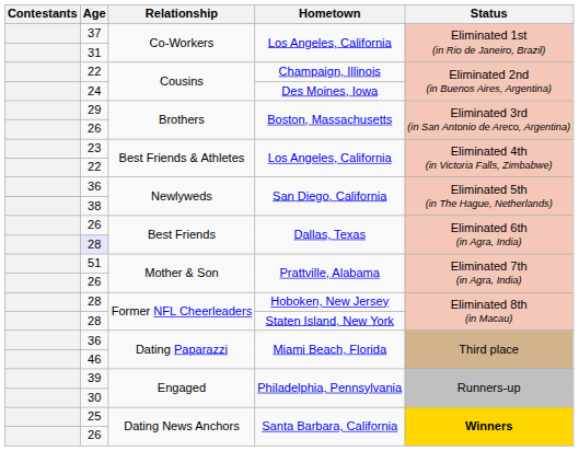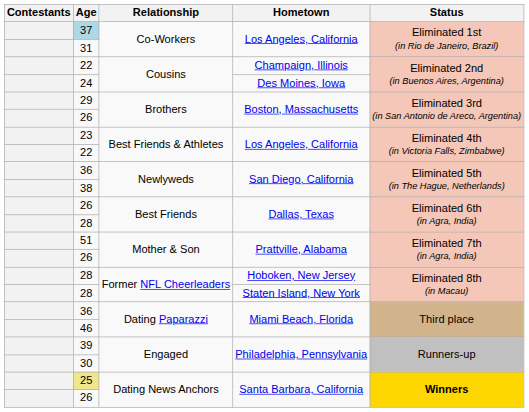 <table class="wikitable sortable" style="text-align:center;">
 <tr>
 <th scope="col">Contestants</th>
 <th scope="col">Age</th>
 <th class="unsortable" scope="col">Relationship</th>
 <th scope="col" class="unsortable">Hometown</th>
 <th scope="col">Status</th>
 </tr>
 <tr>
 <th scope="row"></th>
-<td>37</td>
+<td style="background: lightblue;">37</td>
 <td rowspan="2">Co-Workers<br><em></em></td>
 <td rowspan="2"><a href='#'>Los Angeles, California</a></td>
 <td rowspan="2" bgcolor="f4c7b8">Eliminated 1st<br><small><em>(in Rio de Janeiro, Brazil)</em></small></td>
 </tr>
 <tr>
 <th scope="row"></th>
 <td>31</td>
 </tr>
 <tr>
 <th scope="row"></th>
 <td>22</td>
 <td rowspan="2">Cousins<br><em></em></td>
 <td><a href='#'>Champaign, Illinois</a></td>
 <td rowspan="2" bgcolor="f4c7b8">Eliminated 2nd<br><small><em>(in Buenos Aires, Argentina)</em></small></td>
 </tr>
 <tr>
 <th scope="row"></th>
 <td>24</td>
 <td><a href='#'>Des Moines, Iowa</a></td>
 </tr>
 <tr>
 <th scope="row"></th>
 <td>29</td>
 <td rowspan="2">Brothers<br><em></em></td>
 <td rowspan="2"><a href='#'>Boston, Massachusetts</a></td>
 <td rowspan="2" bgcolor="f4c7b8">Eliminated 3rd<br><small><em>(in San Antonio de Areco, Argentina)</em></small></td>
 </tr>
 <tr>
 <th scope="row"></th>
 <td>26</td>
 </tr>
 <tr>
 <th scope="row"></th>
 <td>23</td>
 <td rowspan="2">Best Friends & Athletes<br><em></em></td>
 <td rowspan="2"><a href='#'>Los Angeles, California</a></td>
 <td rowspan="2" bgcolor="f4c7b8">Eliminated 4th<br><small><em>(in Victoria Falls, Zimbabwe)</em></small></td>
 </tr>
 <tr>
 <th scope="row"></th>
 <td>22</td>
 </tr>
 <tr>
 <th scope="row"></th>
 <td>36</td>
 <td rowspan="2">Newlyweds<br><em></em></td>
 <td rowspan="2"><a href='#'>San Diego, California</a></td>
 <td rowspan="2" bgcolor="f4c7b8">Eliminated 5th<br><small><em>(in The Hague, Netherlands)</em></small></td>
 </tr>
 <tr>
 <th scope="row"></th>
 <td>38</td>
 </tr>
 <tr>
 <th scope="row"></th>
 <td>26</td>
 <td rowspan="2">Best Friends<br><em></em></td>
 <td rowspan="2"><a href='#'>Dallas, Texas</a></td>
 <td rowspan="2" bgcolor="f4c7b8">Eliminated 6th<br><small><em>(in Agra, India)</em></small></td>
 </tr>
 <tr>
 <th scope="row"></th>
-<td style="background: lavender;">28</td>
+<td>28</td>
 </tr>
 <tr>
 <th scope="row"></th>
 <td>51</td>
 <td rowspan="2">Mother & Son<br><em></em></td>
 <td rowspan="2"><a href='#'>Prattville, Alabama</a></td>
 <td rowspan="2" bgcolor="f4c7b8">Eliminated 7th<br><small><em>(in Agra, India)</em></small></td>
 </tr>
 <tr>
 <th scope="row"></th>
 <td>26</td>
 </tr>
 <tr>
 <th scope="row"></th>
 <td>28</td>
 <td rowspan="2">Former <a href='#'>NFL Cheerleaders</a><br><em></em></td>
 <td><a href='#'>Hoboken, New Jersey</a></td>
 <td rowspan="2" bgcolor="f4c7b8">Eliminated 8th<br><small><em>(in Macau)</em></small></td>
 </tr>
 <tr>
 <th scope="row"></th>
 <td>28</td>
 <td><a href='#'>Staten Island, New York</a></td>
 </tr>
 <tr>
 <th scope="row"></th>
 <td>36</td>
 <td rowspan="2">Dating <a href='#'>Paparazzi</a><br><em></em></td>
 <td rowspan="2"><a href='#'>Miami Beach, Florida</a></td>
 <td rowspan="2" bgcolor="tan">Third place</td>
 </tr>
 <tr>
 <th scope="row"></th>
 <td>46</td>
 </tr>
 <tr>
 <th scope="row"></th>
 <td>39</td>
 <td rowspan="2">Engaged<br><em></em></td>
 <td rowspan="2"><a href='#'>Philadelphia, Pennsylvania</a></td>
 <td rowspan="2" bgcolor="silver">Runners-up</td>
 </tr>
 <tr>
 <th scope="row"></th>
 <td>30</td>
 </tr>
 <tr>
 <th scope="row"></th>
-<td>25</td>
+<td style="background: khaki;">25</td>
 <td rowspan="2">Dating News Anchors<br><em></em></td>
 <td rowspan="2"><a href='#'>Santa Barbara, California</a></td>
 <td rowspan="2" bgcolor="gold"><strong>Winners</strong></td>
 </tr>
 <tr>
 <th scope="row"></th>
 <td>26</td>
 </tr>
 </table>
